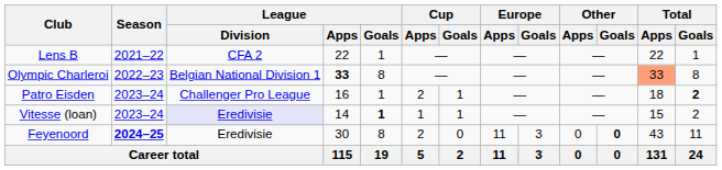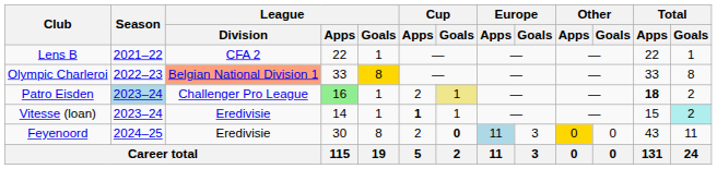 <table class="wikitable" style="text-align: center">
 <tr>
 <th rowspan="2">Club</th>
 <th rowspan="2">Season</th>
 <th colspan="3">League</th>
 <th colspan="2">Cup</th>
 <th colspan="2">Europe</th>
 <th colspan="2">Other</th>
 <th colspan="2">Total</th>
 </tr>
 <tr>
 <th>Division</th>
 <th>Apps</th>
 <th>Goals</th>
 <th>Apps</th>
 <th>Goals</th>
 <th>Apps</th>
 <th>Goals</th>
 <th>Apps</th>
 <th>Goals</th>
 <th>Apps</th>
 <th>Goals</th>
 </tr>
 <tr>
 <td><a href='#'>Lens B</a></td>
 <td><a href='#'>2021–22</a></td>
 <td><a href='#'>CFA 2</a></td>
 <td>22</td>
 <td>1</td>
 <td colspan="2">—</td>
 <td colspan="2">—</td>
 <td colspan="2">—</td>
 <td>22</td>
 <td>1</td>
 </tr>
 <tr>
 <td><a href='#'>Olympic Charleroi</a></td>
 <td><a href='#'>2022–23</a></td>
-<td><a href='#'>Belgian National Division 1</a></td>
-<td><strong>33</strong></td>
-<td>8</td>
+<td style="background: lightsalmon;"><a href='#'>Belgian National Division 1</a></td>
+<td>33</td>
+<td style="background: gold;">8</td>
 <td colspan="2">—</td>
 <td colspan="2">—</td>
 <td colspan="2">—</td>
-<td style="background: lightsalmon;">33</td>
+<td>33</td>
 <td>8</td>
 </tr>
 <tr>
 <td><a href='#'>Patro Eisden</a></td>
-<td><a href='#'>2023–24</a></td>
+<td style="background: lightblue;"><a href='#'>2023–24</a></td>
 <td><a href='#'>Challenger Pro League</a></td>
-<td>16</td>
+<td style="background: lightgreen;">16</td>
 <td>1</td>
 <td>2</td>
-<td>1</td>
+<td style="background: khaki;">1</td>
 <td colspan="2">—</td>
 <td colspan="2">—</td>
-<td>18</td>
-<td><strong>2</strong></td>
+<td><strong>18</strong></td>
+<td>2</td>
 </tr>
 <tr>
 <td><a href='#'>Vitesse</a> (loan)</td>
 <td><a href='#'>2023–24</a></td>
-<td style="background: lavender;"><a href='#'>Eredivisie</a></td>
+<td><a href='#'>Eredivisie</a></td>
 <td>14</td>
+<td>1</td>
 <td><strong>1</strong></td>
-<td>1</td>
 <td>1</td>
 <td colspan="2">—</td>
 <td colspan="2">—</td>
 <td>15</td>
-<td>2</td>
+<td style="background: paleturquoise;">2</td>
 </tr>
 <tr>
 <td><a href='#'>Feyenoord</a></td>
-<td><strong><a href='#'>2024–25</a></strong></td>
+<td><a href='#'>2024–25</a></td>
 <td>Eredivisie</td>
 <td>30</td>
 <td>8</td>
 <td>2</td>
+<td><strong>0</strong></td>
+<td style="background: lightblue;">11</td>
+<td>3</td>
+<td style="background: gold;">0</td>
 <td>0</td>
-<td>11</td>
-<td>3</td>
-<td>0</td>
-<td><strong>0</strong></td>
 <td>43</td>
 <td>11</td>
 </tr>
 <tr>
 <th colspan="3">Career total</th>
 <th>115</th>
 <th>19</th>
 <th>5</th>
 <th>2</th>
 <th>11</th>
 <th>3</th>
 <th>0</th>
 <th>0</th>
 <th>131</th>
 <th>24</th>
 </tr>
 </table>
